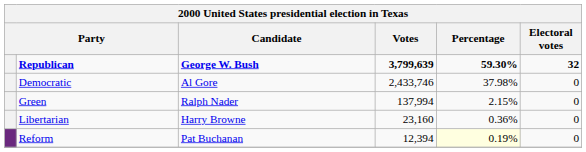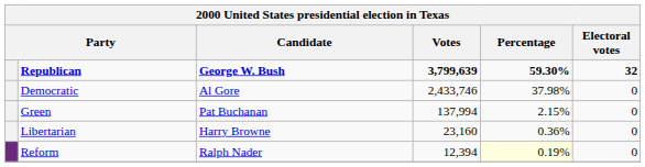 <table class="wikitable" style="font-size: 95%;">
 <tr>
 <th colspan="6">2000 United States presidential election in Texas</th>
 </tr>
 <tr>
 <th colspan="2" style="width: 15em">Party</th>
 <th style="width: 17em">Candidate</th>
 <th style="width: 5em">Votes</th>
 <th style="width: 7em">Percentage</th>
 <th style="width: 5em">Electoral votes</th>
 </tr>
 <tr>
 <th style="background-color:"></th>
 <td style="width: 130px"><strong><a href='#'>Republican</a></strong></td>
 <td><strong><a href='#'>George W. Bush</a></strong></td>
 <td align="right"><strong>3,799,639</strong></td>
 <td align="right"><strong>59.30%</strong></td>
 <td align="right"><strong>32</strong></td>
 </tr>
 <tr>
 <th style="background-color:"></th>
 <td style="width: 130px"><a href='#'>Democratic</a></td>
 <td><a href='#'>Al Gore</a></td>
 <td align="right">2,433,746</td>
 <td align="right">37.98%</td>
 <td align="right">0</td>
 </tr>
 <tr>
 <th style="background-color:"></th>
 <td style="width: 130px"><a href='#'>Green</a></td>
-<td><a href='#'>Ralph Nader</a></td>
+<td><a href='#'>Pat Buchanan</a></td>
 <td align="right">137,994</td>
 <td align="right">2.15%</td>
 <td align="right">0</td>
 </tr>
 <tr>
 <th style="background-color:"></th>
 <td style="width: 130px"><a href='#'>Libertarian</a></td>
 <td><a href='#'>Harry Browne</a></td>
 <td align="right">23,160</td>
 <td align="right">0.36%</td>
 <td align="right">0</td>
 </tr>
 <tr>
 <th style="background-color:#6A287E; width: 3px"></th>
 <td style="width: 130px"><a href='#'>Reform</a></td>
-<td><a href='#'>Pat Buchanan</a></td>
+<td><a href='#'>Ralph Nader</a></td>
 <td align="right">12,394</td>
 <td align="right" style="background: lightyellow;">0.19%</td>
 <td align="right">0</td>
 </tr>
 <tr>
 </tr>
 </table>
